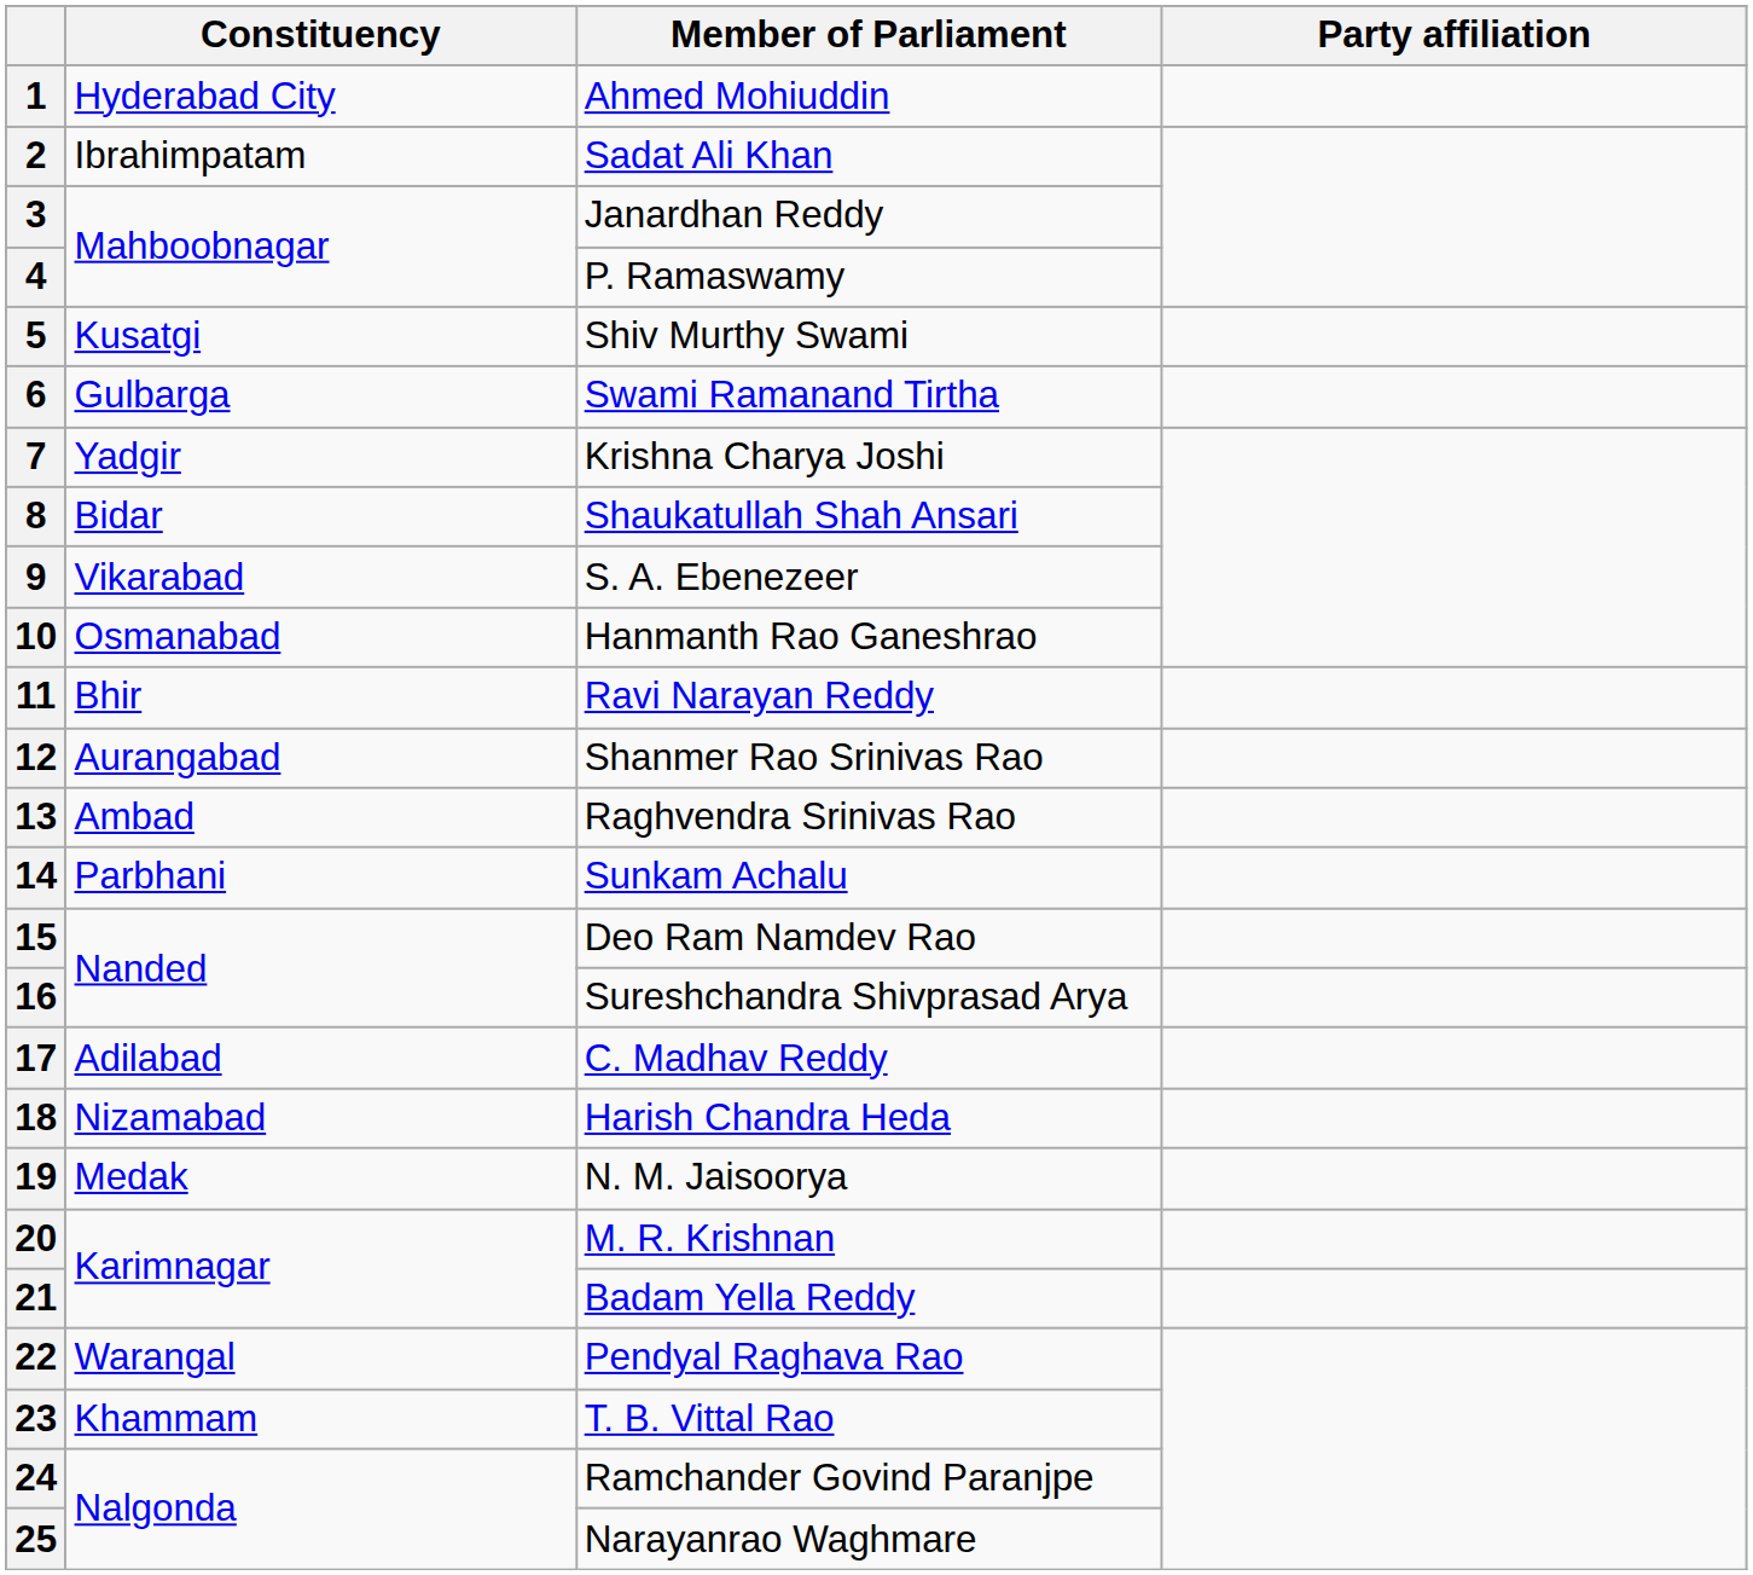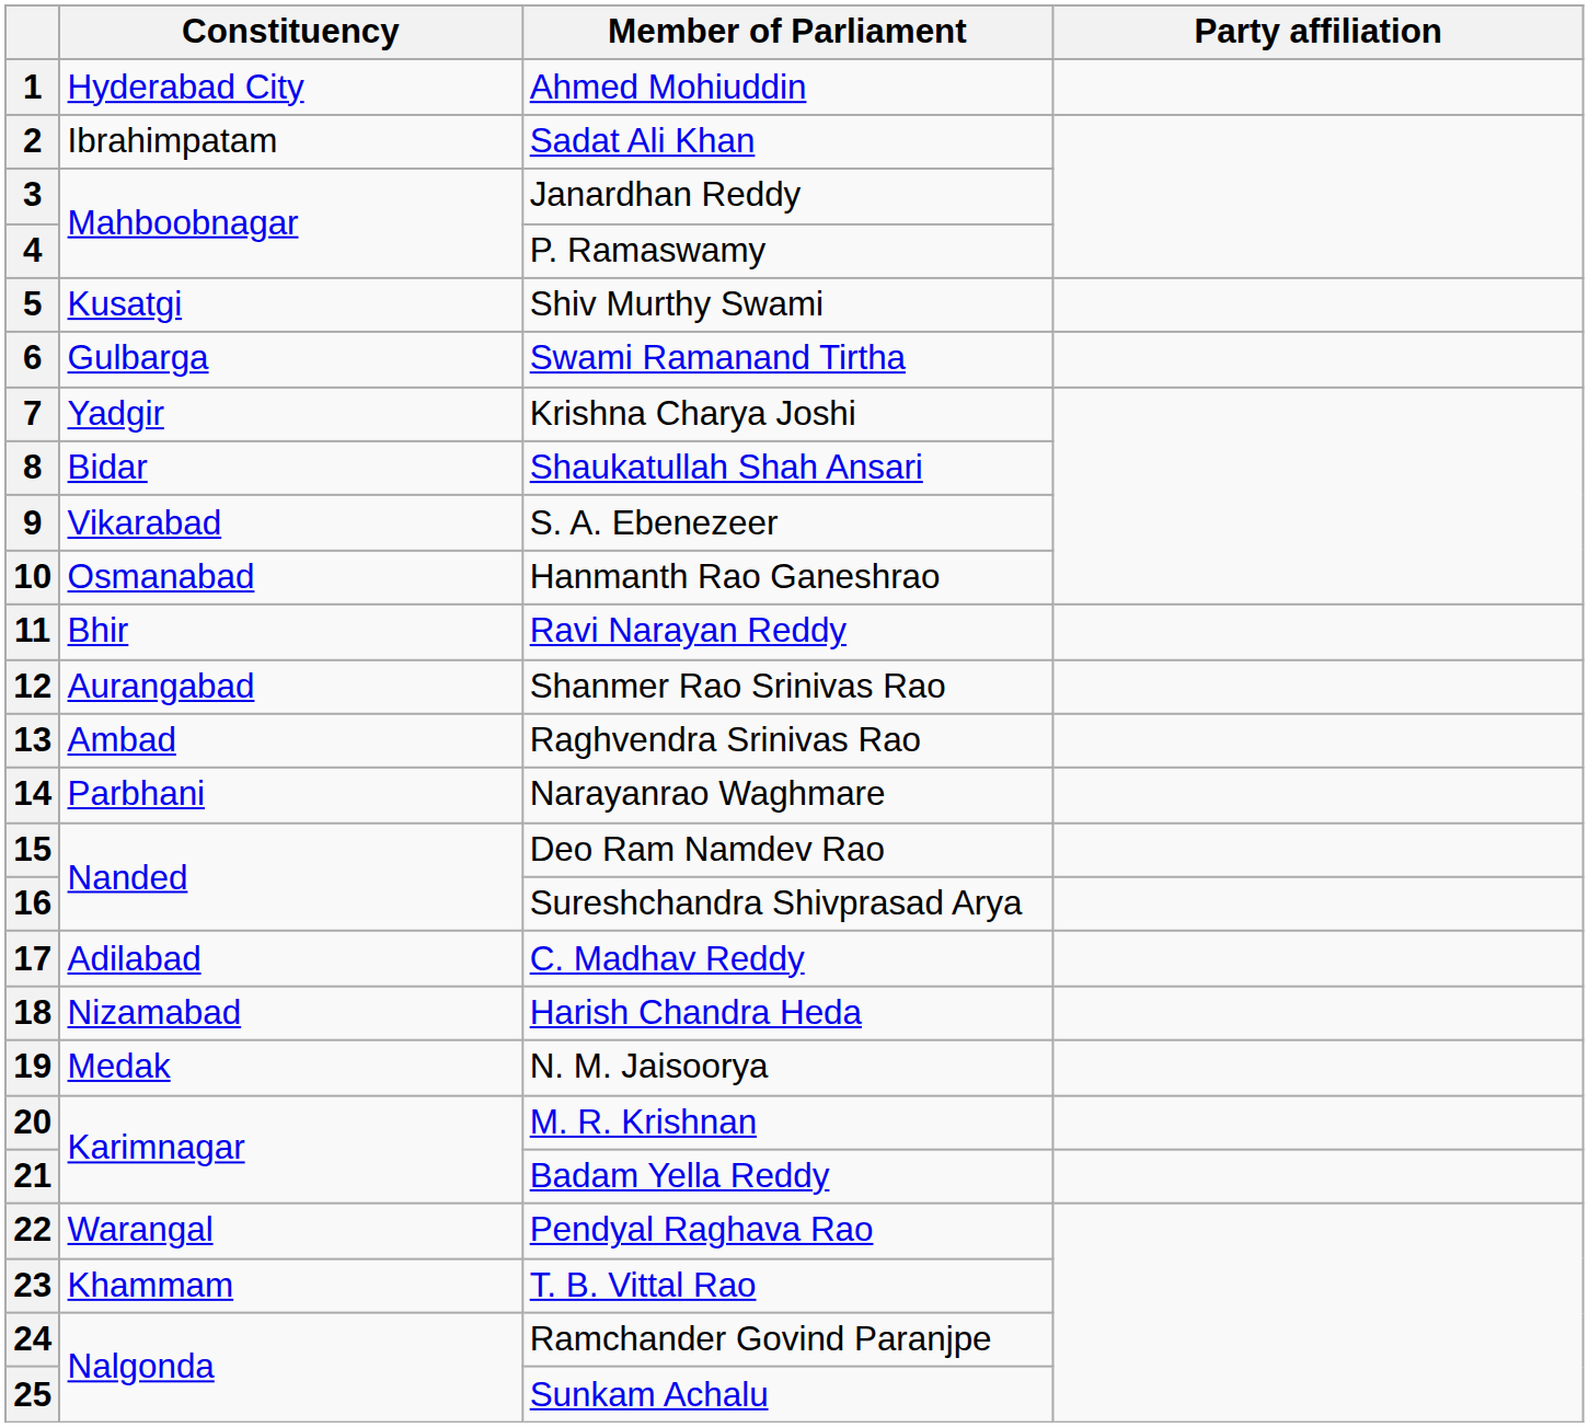 <table class="wikitable sortable">
 <tr style="text-align:center;">
 <th></th>
 <th style="width:13em">Constituency</th>
 <th style="width:15em">Member of Parliament</th>
 <th colspan="2" style="width:15em">Party affiliation</th>
 </tr>
 <tr>
 <th>1</th>
 <td><a href='#'>Hyderabad City</a></td>
 <td><a href='#'>Ahmed Mohiuddin</a></td>
 <td></td>
 </tr>
 <tr>
 <th>2</th>
 <td>Ibrahimpatam</td>
 <td><a href='#'>Sadat Ali Khan</a></td>
 </tr>
 <tr>
 <th>3</th>
 <td rowspan=2><a href='#'>Mahboobnagar</a></td>
 <td>Janardhan Reddy</td>
 </tr>
 <tr>
 <th>4</th>
 <td>P. Ramaswamy</td>
 </tr>
 <tr>
 <th>5</th>
 <td><a href='#'>Kusatgi</a></td>
 <td>Shiv Murthy Swami</td>
 <td></td>
 </tr>
 <tr>
 <th>6</th>
 <td><a href='#'>Gulbarga</a></td>
 <td><a href='#'>Swami Ramanand Tirtha</a></td>
 <td></td>
 </tr>
 <tr>
 <th>7</th>
 <td><a href='#'>Yadgir</a></td>
 <td>Krishna Charya Joshi</td>
 </tr>
 <tr>
 <th>8</th>
 <td><a href='#'>Bidar</a></td>
 <td><a href='#'>Shaukatullah Shah Ansari</a></td>
 </tr>
 <tr>
 <th>9</th>
 <td><a href='#'>Vikarabad</a></td>
 <td>S. A. Ebenezeer</td>
 </tr>
 <tr>
 <th>10</th>
 <td><a href='#'>Osmanabad</a></td>
 <td>Hanmanth Rao Ganeshrao</td>
 </tr>
 <tr>
 <th>11</th>
 <td><a href='#'>Bhir</a></td>
 <td><a href='#'>Ravi Narayan Reddy</a></td>
 <td></td>
 </tr>
 <tr>
 <th>12</th>
 <td><a href='#'>Aurangabad</a></td>
 <td>Shanmer Rao Srinivas Rao</td>
 <td></td>
 </tr>
 <tr>
 <th>13</th>
 <td><a href='#'>Ambad</a></td>
 <td>Raghvendra Srinivas Rao</td>
 </tr>
 <tr>
 <th>14</th>
 <td><a href='#'>Parbhani</a></td>
-<td><a href='#'>Sunkam Achalu</a></td>
+<td>Narayanrao Waghmare</td>
 <td></td>
 </tr>
 <tr>
 <th>15</th>
 <td rowspan=2><a href='#'>Nanded</a></td>
 <td>Deo Ram Namdev Rao</td>
 <td></td>
 </tr>
 <tr>
 <th>16</th>
 <td>Sureshchandra Shivprasad Arya</td>
 </tr>
 <tr>
 <th>17</th>
 <td><a href='#'>Adilabad</a></td>
 <td><a href='#'>C. Madhav Reddy</a></td>
 <td></td>
 </tr>
 <tr>
 <th>18</th>
 <td><a href='#'>Nizamabad</a></td>
 <td><a href='#'>Harish Chandra Heda</a></td>
 <td></td>
 </tr>
 <tr>
 <th>19</th>
 <td><a href='#'>Medak</a></td>
 <td>N. M. Jaisoorya</td>
 <td></td>
 </tr>
 <tr>
 <th>20</th>
 <td rowspan=2><a href='#'>Karimnagar</a></td>
 <td><a href='#'>M. R. Krishnan</a></td>
 <td></td>
 </tr>
 <tr>
 <th>21</th>
 <td><a href='#'>Badam Yella Reddy</a></td>
 <td></td>
 </tr>
 <tr>
 <th>22</th>
 <td><a href='#'>Warangal</a></td>
 <td><a href='#'>Pendyal Raghava Rao</a></td>
 </tr>
 <tr>
 <th>23</th>
 <td><a href='#'>Khammam</a></td>
 <td><a href='#'>T. B. Vittal Rao</a></td>
 </tr>
 <tr>
 <th>24</th>
 <td rowspan=2><a href='#'>Nalgonda</a></td>
 <td>Ramchander Govind Paranjpe</td>
 </tr>
 <tr>
 <th>25</th>
-<td>Narayanrao Waghmare</td>
+<td><a href='#'>Sunkam Achalu</a></td>
 </tr>
 </table>
